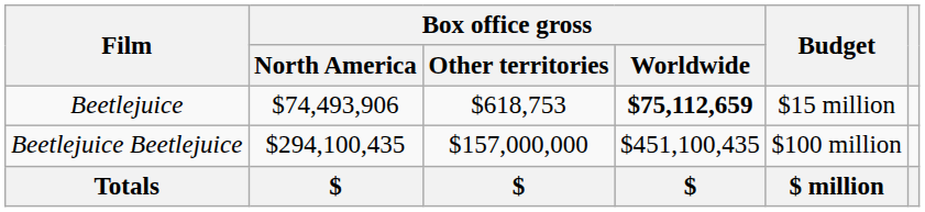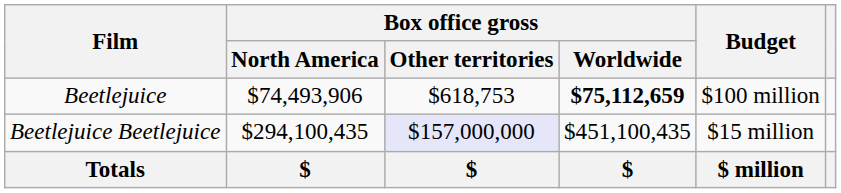 <table class="wikitable" style="text-align:center;">
 <tr>
 <th rowspan="2">Film</th>
 <th colspan="3">Box office gross</th>
 <th rowspan="2">Budget</th>
 <th rowspan="2"></th>
 </tr>
 <tr>
 <th>North America</th>
 <th>Other territories</th>
 <th>Worldwide</th>
 </tr>
 <tr>
 <td><em>Beetlejuice</em></td>
 <td>$74,493,906</td>
 <td>$618,753</td>
 <td><strong>$75,112,659</strong></td>
-<td>$15 million</td>
+<td>$100 million</td>
 <td></td>
 </tr>
 <tr>
 <td><em>Beetlejuice Beetlejuice</em></td>
 <td>$294,100,435</td>
-<td>$157,000,000</td>
+<td style="background: lavender;">$157,000,000</td>
 <td>$451,100,435</td>
-<td>$100 million</td>
+<td>$15 million</td>
 <td></td>
 </tr>
 <tr>
 <th>Totals</th>
 <th>$</th>
 <th>$</th>
 <th>$</th>
 <th>$ million</th>
 <th></th>
 </tr>
 </table>
